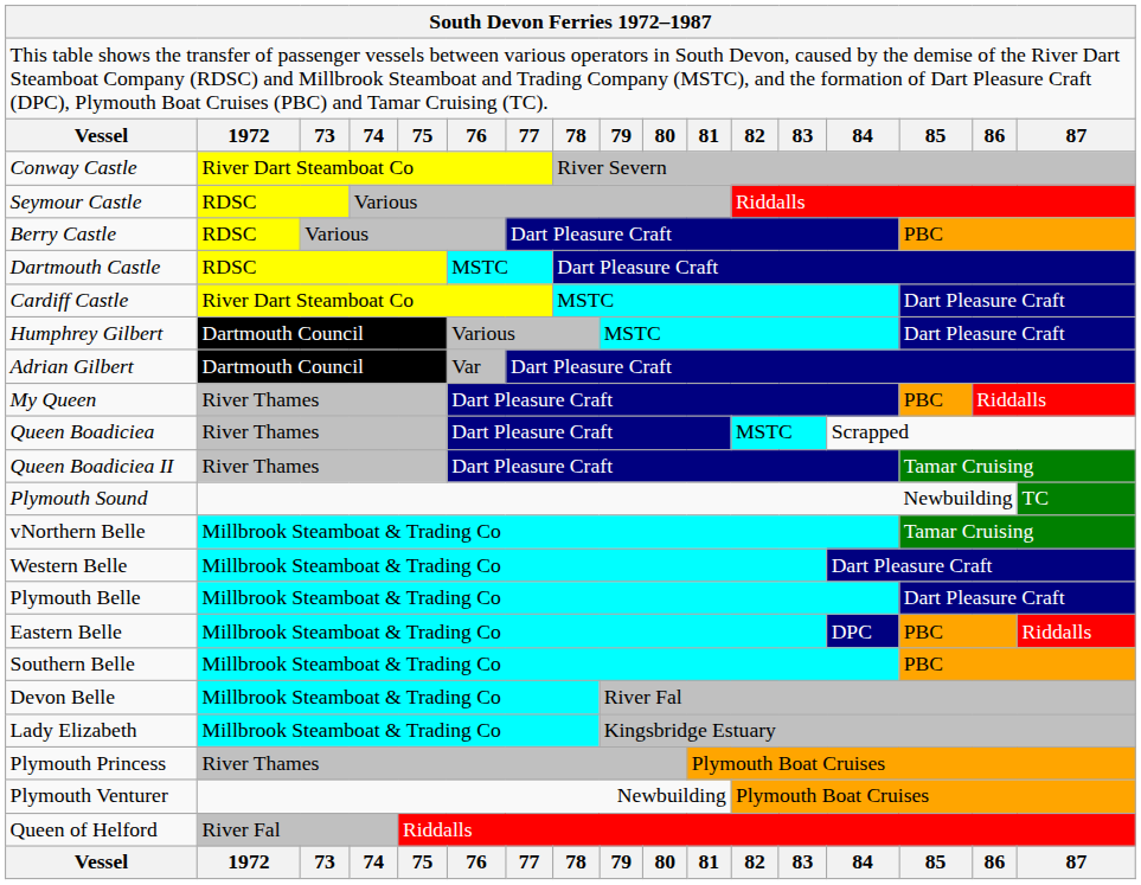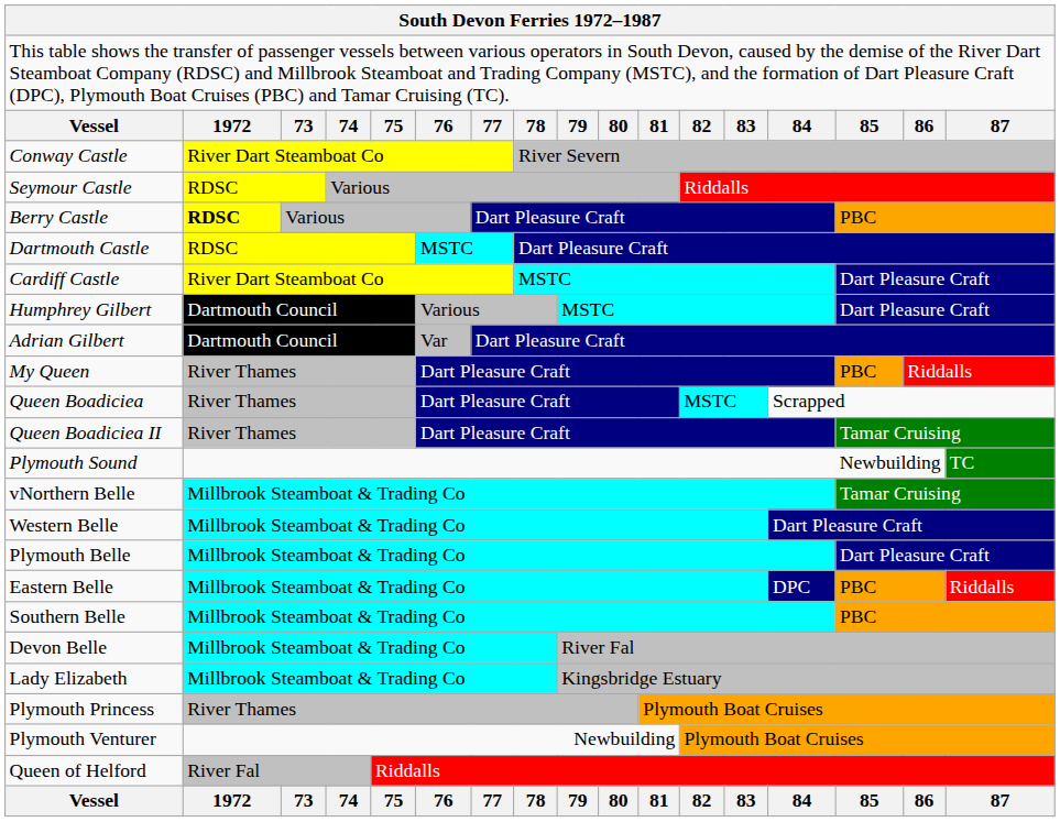 <table class="wikitable mw-collapsible">
 <tr>
 <th colspan=17>South Devon Ferries 1972–1987</th>
 </tr>
 <tr>
 <td colspan=17>This table shows the transfer of passenger vessels between various operators in South Devon, caused by the demise of the River Dart Steamboat Company (RDSC) and Millbrook Steamboat and Trading Company (MSTC), and the formation of Dart Pleasure Craft (DPC), Plymouth Boat Cruises (PBC) and Tamar Cruising (TC).</td>
 </tr>
 <tr>
 <th>Vessel</th>
 <th>1972</th>
 <th>73</th>
 <th>74</th>
 <th>75</th>
 <th>76</th>
 <th>77</th>
 <th>78</th>
 <th>79</th>
 <th>80</th>
 <th>81</th>
 <th>82</th>
 <th>83</th>
 <th>84</th>
 <th>85</th>
 <th>86</th>
 <th>87</th>
 </tr>
 <tr>
 <td><em>Conway Castle</em></td>
 <td colspan=6  style="background:yellow; color:black">River Dart Steamboat Co</td>
 <td colspan=10 style="background:silver; color:black">River Severn</td>
 </tr>
 <tr>
 <td><em>Seymour Castle</em></td>
 <td colspan=2  style="background:yellow; color:black">RDSC</td>
 <td colspan=8  style="background:silver; color:black">Various</td>
 <td colspan=6  style="background:red; color:white">Riddalls</td>
 </tr>
 <tr>
 <td><em>Berry Castle</em></td>
-<td colspan=1  style="background:yellow; color:black">RDSC</td>
+<td colspan=1  style="background:yellow; color:black"><strong>RDSC</strong></td>
 <td colspan=4  style="background:silver; color:black">Various</td>
 <td colspan=8  style="background:navy; color:white">Dart Pleasure Craft</td>
 <td colspan=3  style="background:orange; color:black">PBC</td>
 </tr>
 <tr>
 <td><em>Dartmouth Castle</em></td>
 <td colspan=4  style="background:yellow; color:black">RDSC</td>
 <td colspan=2  style="background:aqua; color:black">MSTC</td>
 <td colspan=10 style="background:navy; color:white">Dart Pleasure Craft</td>
 </tr>
 <tr>
 <td><em>Cardiff Castle</em></td>
 <td colspan=6  style="background:yellow; color:black">River Dart Steamboat Co</td>
 <td colspan=7  style="background:aqua; color:black">MSTC</td>
 <td colspan=3  style="background:navy; color:white">Dart Pleasure Craft</td>
 </tr>
 <tr>
 <td><em>Humphrey Gilbert</em></td>
 <td colspan=4  style="background:black; color:white">Dartmouth Council</td>
 <td colspan=3  style="background:silver; color:black">Various</td>
 <td colspan=6  style="background:aqua; color:black">MSTC</td>
 <td colspan=3  style="background:navy; color:white">Dart Pleasure Craft</td>
 </tr>
 <tr>
 <td><em>Adrian Gilbert</em></td>
 <td colspan=4  style="background:black; color:white">Dartmouth Council</td>
 <td colspan=1  style="background:silver; color:black">Var</td>
 <td colspan=11 style="background:navy; color:white">Dart Pleasure Craft</td>
 </tr>
 <tr>
 <td><em>My Queen</em></td>
 <td colspan=4  style="background:silver; color:black">River Thames</td>
 <td colspan=9  style="background:navy; color:white">Dart Pleasure Craft</td>
 <td colspan=1  style="background:orange; color:black">PBC</td>
 <td colspan=2  style="background:red; color:white">Riddalls</td>
 </tr>
 <tr>
 <td><em>Queen Boadiciea</em></td>
 <td colspan=4  style="background:silver; color:black">River Thames</td>
 <td colspan=6  style="background:navy; color:white">Dart Pleasure Craft</td>
 <td colspan=2  style="background:aqua; color:black">MSTC</td>
 <td colspan=4>Scrapped</td>
 </tr>
 <tr>
 <td><em>Queen Boadiciea II</em></td>
 <td colspan=4  style="background:silver; color:black">River Thames</td>
 <td colspan=9  style="background:navy; color:white">Dart Pleasure Craft</td>
 <td colspan=3  style="background:green; color:white">Tamar Cruising</td>
 </tr>
 <tr>
 <td><em>Plymouth Sound</em></td>
 <td colspan=15 style="text-align:right;">Newbuilding</td>
 <td colspan=1  style="background:green; color:white">TC</td>
 </tr>
 <tr>
 <td>vNorthern Belle<em></td>
 <td colspan=13 style="background:aqua; color:black">Millbrook Steamboat & Trading Co</td>
 <td colspan=3  style="background:green; color:white">Tamar Cruising</td>
 </tr>
 <tr>
 <td></em>Western Belle<em></td>
 <td colspan=12 style="background:aqua; color:black">Millbrook Steamboat & Trading Co</td>
 <td colspan=4  style="background:navy; color:white">Dart Pleasure Craft</td>
 </tr>
 <tr>
 <td></em>Plymouth Belle<em></td>
 <td colspan=13 style="background:aqua; color:black">Millbrook Steamboat & Trading Co</td>
 <td colspan=3  style="background:navy; color:white">Dart Pleasure Craft</td>
 </tr>
 <tr>
 <td></em>Eastern Belle<em></td>
 <td colspan=12 style="background:aqua; color:black">Millbrook Steamboat & Trading Co</td>
 <td colspan=1  style="background:navy; color:white">DPC</td>
 <td colspan=2  style="background:orange; color:black">PBC</td>
 <td colspan=1  style="background:red; color:white">Riddalls</td>
 </tr>
 <tr>
 <td></em>Southern Belle<em></td>
 <td colspan=13 style="background:aqua; color:black">Millbrook Steamboat & Trading Co</td>
 <td colspan=3  style="background:orange; color:black">PBC</td>
 </tr>
 <tr>
 <td></em>Devon Belle<em></td>
 <td colspan=7 style="background:aqua; color:black">Millbrook Steamboat & Trading Co</td>
 <td colspan=9  style="background:silver; color:black">River Fal</td>
 </tr>
 <tr>
 <td></em>Lady Elizabeth<em></td>
 <td colspan=7 style="background:aqua; color:black">Millbrook Steamboat & Trading Co</td>
 <td colspan=9  style="background:silver; color:black">Kingsbridge Estuary</td>
 </tr>
 <tr>
 <td></em>Plymouth Princess<em></td>
 <td colspan=9  style="background:silver; color:black">River Thames</td>
 <td colspan=7  style="background:orange; color:black">Plymouth Boat Cruises</td>
 </tr>
 <tr>
 <td></em>Plymouth Venturer<em></td>
 <td colspan=10 style="text-align:right;">Newbuilding</td>
 <td colspan=6  style="background:orange; color:black">Plymouth Boat Cruises</td>
 </tr>
 <tr>
 <td></em>Queen of Helford<em></td>
 <td colspan=3  style="background:silver; color:black">River Fal</td>
 <td colspan=13 style="background:red; color:white">Riddalls</td>
 </tr>
 <tr>
 <th>Vessel</th>
 <th>1972</th>
 <th>73</th>
 <th>74</th>
 <th>75</th>
 <th>76</th>
 <th>77</th>
 <th>78</th>
 <th>79</th>
 <th>80</th>
 <th>81</th>
 <th>82</th>
 <th>83</th>
 <th>84</th>
 <th>85</th>
 <th>86</th>
 <th>87</th>
 </tr>
 </table>
